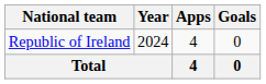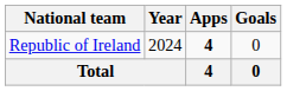 <table class=wikitable style=text-align:center>
 <tr>
 <th>National team</th>
 <th>Year</th>
 <th>Apps</th>
 <th>Goals</th>
 </tr>
 <tr>
 <td><a href='#'>Republic of Ireland</a></td>
 <td>2024</td>
-<td>4</td>
+<td><strong>4</strong></td>
 <td>0</td>
 </tr>
 <tr>
 <th colspan="2">Total</th>
 <th>4</th>
 <th>0</th>
 </tr>
 </table>
